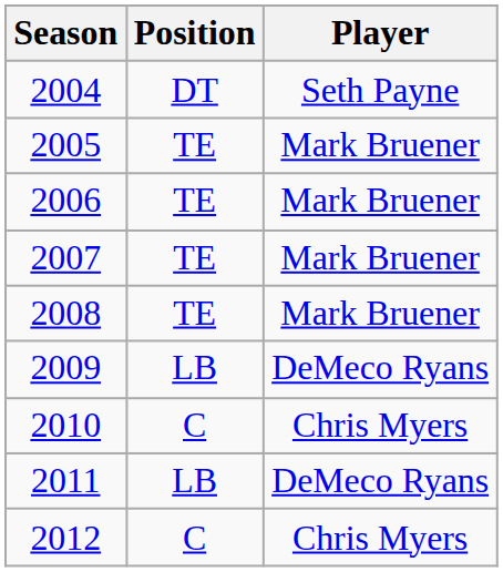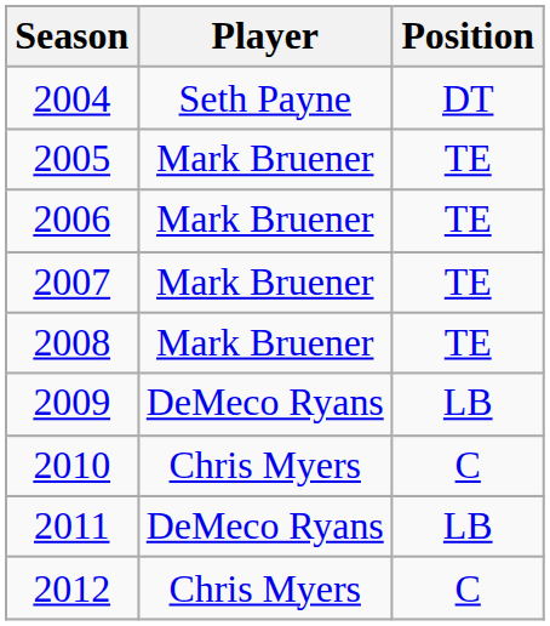 <table class="wikitable" style="text-align:center">
 <tr bgcolor="#efefef">
 <th>Season</th>
+<th>Player</th>
 <th>Position</th>
-<th>Player</th>
 </tr>
 <tr>
 <td><a href='#'>2004</a></td>
+<td><a href='#'>Seth Payne</a></td>
 <td><a href='#'>DT</a></td>
-<td><a href='#'>Seth Payne</a></td>
 </tr>
 <tr>
 <td><a href='#'>2005</a></td>
+<td><a href='#'>Mark Bruener</a></td>
 <td><a href='#'>TE</a></td>
-<td><a href='#'>Mark Bruener</a></td>
 </tr>
 <tr>
 <td><a href='#'>2006</a></td>
+<td><a href='#'>Mark Bruener</a></td>
 <td><a href='#'>TE</a></td>
-<td><a href='#'>Mark Bruener</a></td>
 </tr>
 <tr>
 <td><a href='#'>2007</a></td>
+<td><a href='#'>Mark Bruener</a></td>
 <td><a href='#'>TE</a></td>
-<td><a href='#'>Mark Bruener</a></td>
 </tr>
 <tr>
 <td><a href='#'>2008</a></td>
+<td><a href='#'>Mark Bruener</a></td>
 <td><a href='#'>TE</a></td>
-<td><a href='#'>Mark Bruener</a></td>
 </tr>
 <tr>
 <td><a href='#'>2009</a></td>
+<td><a href='#'>DeMeco Ryans</a></td>
 <td><a href='#'>LB</a></td>
-<td><a href='#'>DeMeco Ryans</a></td>
 </tr>
 <tr>
 <td><a href='#'>2010</a></td>
+<td><a href='#'>Chris Myers</a></td>
 <td><a href='#'>C</a></td>
-<td><a href='#'>Chris Myers</a></td>
 </tr>
 <tr>
 <td><a href='#'>2011</a></td>
+<td><a href='#'>DeMeco Ryans</a></td>
 <td><a href='#'>LB</a></td>
-<td><a href='#'>DeMeco Ryans</a></td>
 </tr>
 <tr>
 <td><a href='#'>2012</a></td>
+<td><a href='#'>Chris Myers</a></td>
 <td><a href='#'>C</a></td>
-<td><a href='#'>Chris Myers</a></td>
 </tr>
 </table>
